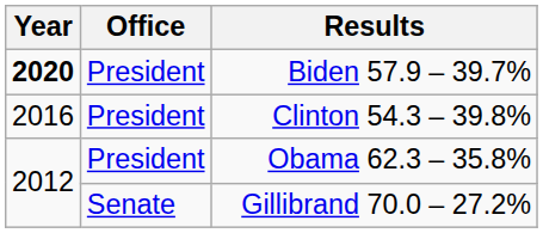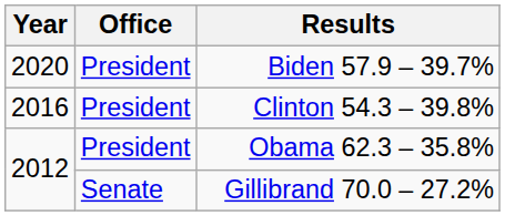 <table class=wikitable>
 <tr>
 <th width="30">Year</th>
 <th width="60">Office</th>
 <th width="180">Results</th>
 </tr>
 <tr>
-<td><strong>2020</strong></td>
+<td>2020</td>
 <td><a href='#'>President</a></td>
 <td align="right" ><a href='#'>Biden</a> 57.9 – 39.7%</td>
 </tr>
 <tr>
 <td>2016</td>
 <td><a href='#'>President</a></td>
 <td align="right" ><a href='#'>Clinton</a> 54.3 – 39.8%</td>
 </tr>
 <tr>
 <td rowspan="2">2012</td>
 <td><a href='#'>President</a></td>
 <td align="right" ><a href='#'>Obama</a> 62.3 – 35.8%</td>
 </tr>
 <tr>
 <td><a href='#'>Senate</a></td>
 <td align="right" ><a href='#'>Gillibrand</a> 70.0 – 27.2%</td>
 </tr>
 </table>
